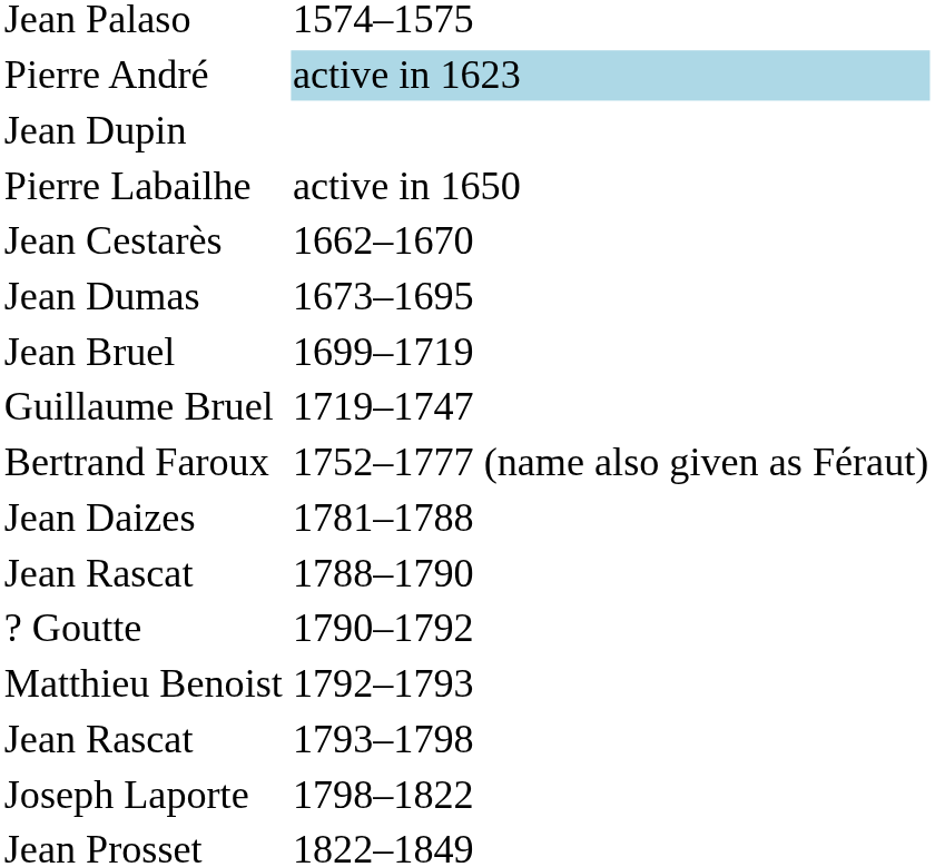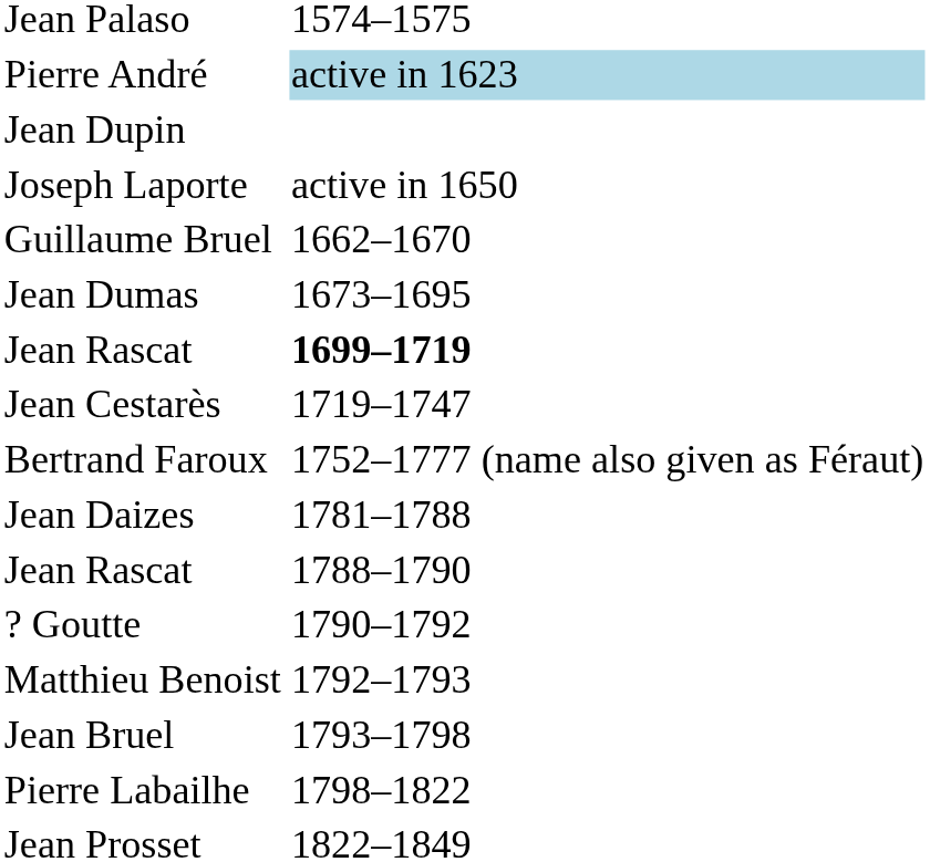 <table>
 <tr>
 <td>Jean Palaso</td>
 <td>1574–1575</td>
 </tr>
 <tr>
 <td>Pierre André</td>
 <td style="background: lightblue;">active in 1623</td>
 </tr>
 <tr>
 <td>Jean Dupin</td>
 <td></td>
 </tr>
 <tr>
-<td>Pierre Labailhe</td>
+<td>Joseph Laporte</td>
 <td>active in 1650</td>
 </tr>
 <tr>
-<td>Jean Cestarès</td>
+<td>Guillaume Bruel</td>
 <td>1662–1670</td>
 </tr>
 <tr>
 <td>Jean Dumas</td>
 <td>1673–1695</td>
 </tr>
 <tr>
-<td>Jean Bruel</td>
-<td>1699–1719</td>
+<td>Jean Rascat</td>
+<td><strong>1699–1719</strong></td>
 </tr>
 <tr>
-<td>Guillaume Bruel</td>
+<td>Jean Cestarès</td>
 <td>1719–1747</td>
 </tr>
 <tr>
 <td>Bertrand Faroux</td>
 <td>1752–1777 (name also given as Féraut)</td>
 </tr>
 <tr>
 <td>Jean Daizes</td>
 <td>1781–1788</td>
 </tr>
 <tr>
 <td>Jean Rascat</td>
 <td>1788–1790</td>
 </tr>
 <tr>
 <td>? Goutte</td>
 <td>1790–1792</td>
 </tr>
 <tr>
 <td>Matthieu Benoist</td>
 <td>1792–1793</td>
 </tr>
 <tr>
-<td>Jean Rascat</td>
+<td>Jean Bruel</td>
 <td>1793–1798</td>
 </tr>
 <tr>
-<td>Joseph Laporte</td>
+<td>Pierre Labailhe</td>
 <td>1798–1822</td>
 </tr>
 <tr>
 <td>Jean Prosset</td>
 <td>1822–1849</td>
 </tr>
 </table>
